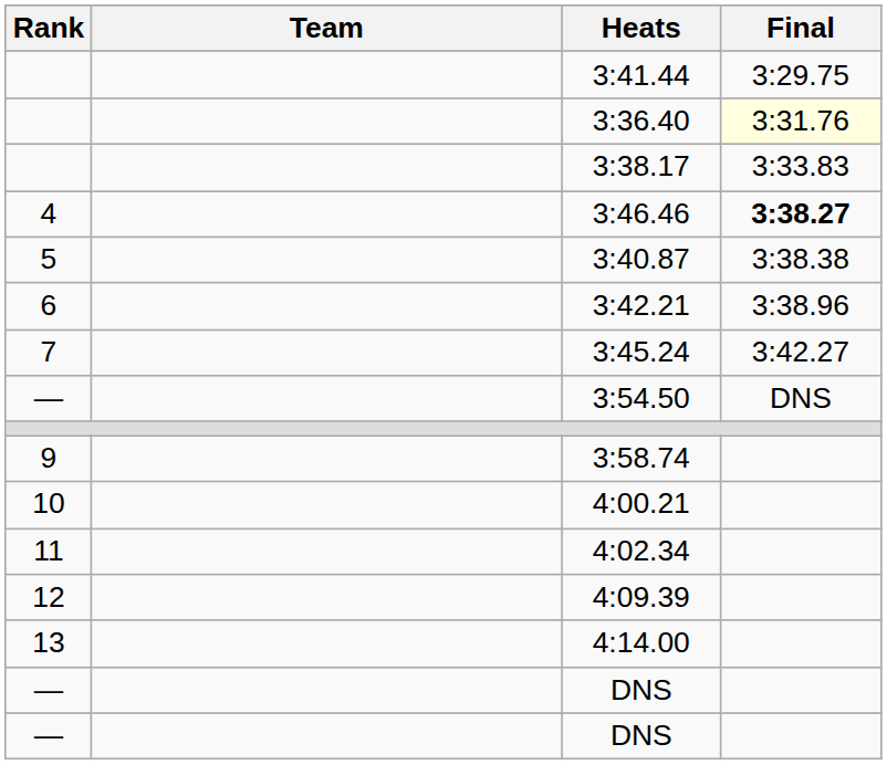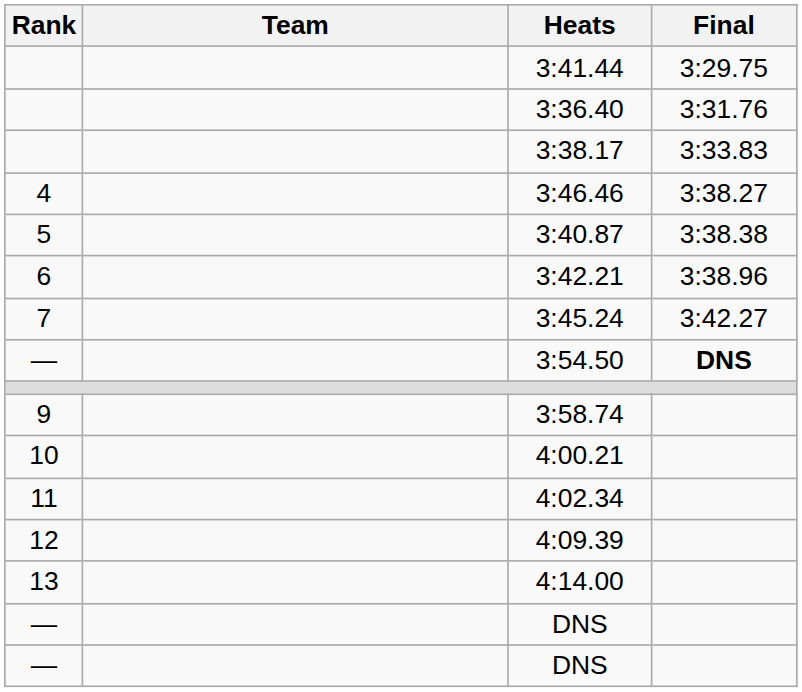 <table class=wikitable style="text-align:center">
 <tr>
 <th width=40>Rank</th>
 <th width=250>Team</th>
 <th width=80>Heats</th>
 <th width=80>Final</th>
 </tr>
 <tr>
 <td></td>
 <td align=left></td>
 <td>3:41.44</td>
 <td>3:29.75</td>
 </tr>
 <tr>
 <td></td>
 <td align=left></td>
 <td>3:36.40</td>
-<td style="background: lightyellow;">3:31.76</td>
+<td>3:31.76</td>
 </tr>
 <tr>
 <td></td>
 <td align=left></td>
 <td>3:38.17</td>
 <td>3:33.83</td>
 </tr>
 <tr>
 <td>4</td>
 <td align=left></td>
 <td>3:46.46</td>
-<td><strong>3:38.27</strong></td>
+<td>3:38.27</td>
 </tr>
 <tr>
 <td>5</td>
 <td align=left></td>
 <td>3:40.87</td>
 <td>3:38.38</td>
 </tr>
 <tr>
 <td>6</td>
 <td align=left></td>
 <td>3:42.21</td>
 <td>3:38.96</td>
 </tr>
 <tr>
 <td>7</td>
 <td align=left></td>
 <td>3:45.24</td>
 <td>3:42.27</td>
 </tr>
 <tr>
 <td>—</td>
 <td align=left></td>
 <td>3:54.50</td>
-<td>DNS</td>
+<td><strong>DNS</strong></td>
 </tr>
 <tr bgcolor=#DDDDDD>
 <td colspan=4></td>
 </tr>
 <tr>
 <td>9</td>
 <td align=left></td>
 <td>3:58.74</td>
 <td></td>
 </tr>
 <tr>
 <td>10</td>
 <td align=left></td>
 <td>4:00.21</td>
 <td></td>
 </tr>
 <tr>
 <td>11</td>
 <td align=left></td>
 <td>4:02.34</td>
 <td></td>
 </tr>
 <tr>
 <td>12</td>
 <td align=left></td>
 <td>4:09.39</td>
 <td></td>
 </tr>
 <tr>
 <td>13</td>
 <td align=left></td>
 <td>4:14.00</td>
 <td></td>
 </tr>
 <tr>
 <td>—</td>
 <td align=left></td>
 <td>DNS</td>
 <td></td>
 </tr>
 <tr>
 <td>—</td>
 <td align=left></td>
 <td>DNS</td>
 <td></td>
 </tr>
 </table>
